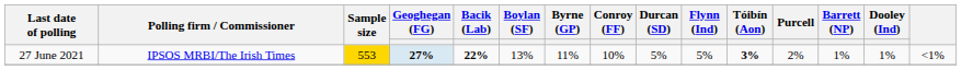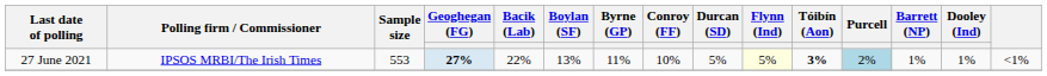 <table class="wikitable sortable collapsible" style="text-align:center;font-size:95%;">
 <tr style="height:42px;">
 <th style="width:110px;" rowspan="2">Last date<br>of polling</th>
 <th style="width:300px;" rowspan="2">Polling firm / Commissioner</th>
 <th class="unsortable" style="width:50px;" rowspan="2">Sample<br>size</th>
 <th class="unsortable" style="width:50px;"><a href='#'>Geoghegan</a> (<a href='#'>FG</a>)</th>
 <th class="unsortable" style="width:50px;"><a href='#'>Bacik</a> (<a href='#'>Lab</a>)</th>
 <th class="unsortable" style="width:50px;"><a href='#'>Boylan</a> (<a href='#'>SF</a>)</th>
 <th class="unsortable" style="width:50px;">Byrne (<a href='#'>GP</a>)</th>
 <th class="unsortable" style="width:50px;">Conroy (<a href='#'>FF</a>)</th>
 <th class="unsortable" style="width:50px;">Durcan (<a href='#'>SD</a>)</th>
 <th class="unsortable" style="width:50px;"><a href='#'>Flynn</a> (<a href='#'>Ind</a>)</th>
 <th class="unsortable" style="width:50px;">Tóibín (<a href='#'>Aon</a>)</th>
 <th class="unsortable" style="width:50px;">Purcell </th>
 <th class="unsortable" style="width:50px;"><a href='#'>Barrett</a> (<a href='#'>NP</a>)</th>
 <th class="unsortable" style="width:50px;">Dooley (<a href='#'>Ind</a>)</th>
 <th class="unsortable" style="width:50px;" rowspan="2"></th>
 </tr>
 <tr>
 <th style="color:inherit;background:"></th>
 <th style="color:inherit;background:"></th>
 <th style="color:inherit;background:"></th>
 <th style="color:inherit;background:"></th>
 <th style="color:inherit;background:"></th>
 <th style="color:inherit;background:"></th>
 <th style="color:inherit;background:"></th>
 <th style="color:inherit;background:"></th>
 <th style="color:inherit;background:"></th>
 <th style="color:inherit;background:"></th>
 <th style="color:inherit;background:"></th>
 </tr>
 <tr>
 <td>27 June 2021</td>
 <td data-sort-value="RedC1"><a href='#'>IPSOS MRBI/The Irish Times</a></td>
-<td style="background: gold;">553</td>
+<td>553</td>
 <td style="background:#D9E9F4"><strong>27%</strong></td>
-<td><strong>22%</strong></td>
+<td>22%</td>
 <td>13%</td>
 <td>11%</td>
 <td>10%</td>
 <td>5%</td>
-<td>5%</td>
+<td style="background: lightyellow;">5%</td>
 <td><strong>3%</strong></td>
-<td>2%</td>
+<td style="background: lightblue;">2%</td>
 <td>1%</td>
 <td>1%</td>
 <td><1%</td>
 </tr>
 <tr>
 </tr>
 </table>
